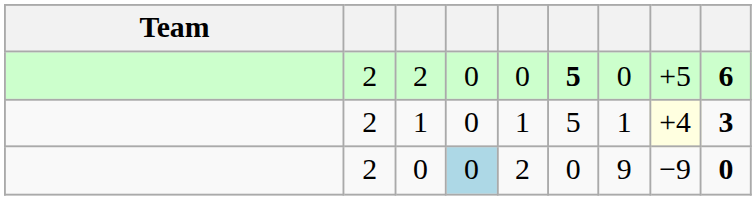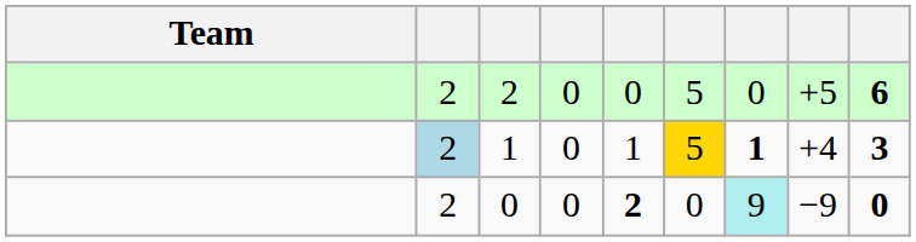 <table class="wikitable" style="text-align:center;">
 <tr>
 <th width="175">Team</th>
 <th width="20"></th>
 <th width="20"></th>
 <th width="20"></th>
 <th width="20"></th>
 <th width="20"></th>
 <th width="20"></th>
 <th width="20"></th>
 <th width="20"></th>
 </tr>
 <tr bgcolor=ccffcc>
 <td align=left></td>
 <td>2</td>
 <td>2</td>
 <td>0</td>
 <td>0</td>
-<td><strong>5</strong></td>
+<td>5</td>
 <td>0</td>
 <td>+5</td>
 <td><strong>6</strong></td>
 </tr>
 <tr>
 <td align=left></td>
-<td>2</td>
+<td style="background: lightblue;">2</td>
 <td>1</td>
 <td>0</td>
 <td>1</td>
-<td>5</td>
-<td>1</td>
-<td style="background: lightyellow;">+4</td>
+<td style="background: gold;">5</td>
+<td><strong>1</strong></td>
+<td>+4</td>
 <td><strong>3</strong></td>
 </tr>
 <tr>
 <td align=left></td>
 <td>2</td>
 <td>0</td>
-<td style="background: lightblue;">0</td>
-<td>2</td>
 <td>0</td>
-<td>9</td>
+<td><strong>2</strong></td>
+<td>0</td>
+<td style="background: paleturquoise;">9</td>
 <td>−9</td>
 <td><strong>0</strong></td>
 </tr>
 </table>
